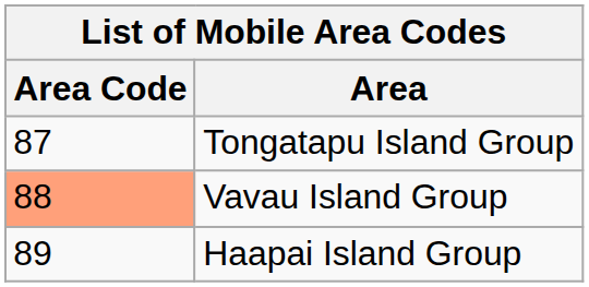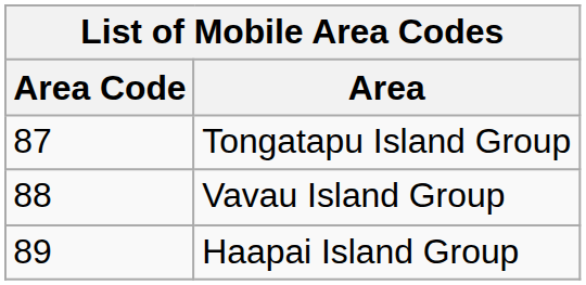 <table class="wikitable" border=1>
 <tr>
 <th colspan="2">List of Mobile Area Codes</th>
 </tr>
 <tr>
 <th>Area Code</th>
 <th>Area</th>
 </tr>
 <tr>
 <td>87</td>
 <td>Tongatapu Island Group</td>
 </tr>
 <tr>
-<td style="background: lightsalmon;">88</td>
+<td>88</td>
 <td>Vavau Island Group</td>
 </tr>
 <tr>
 <td>89</td>
 <td>Haapai Island Group</td>
 </tr>
 </table>
